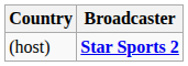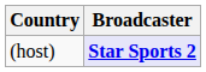 <table class="wikitable">
 <tr>
 <th>Country</th>
 <th>Broadcaster</th>
 </tr>
 <tr>
 <td><strong></strong> (host)</td>
-<td><strong><a href='#'>Star Sports 2</a></strong></td>
+<td style="background: lavender;"><strong><a href='#'>Star Sports 2</a></strong></td>
 </tr>
 <tr>
 </tr>
 </table>
